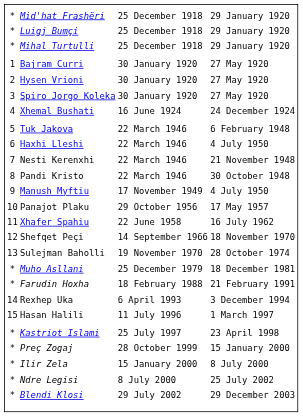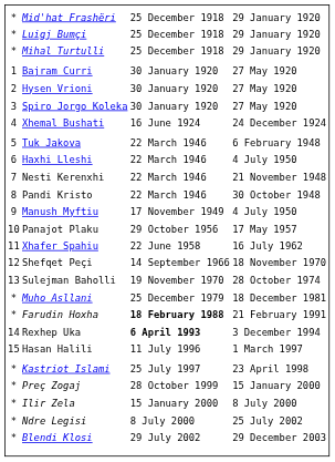 <table cellpadding="0" cellspacing="3" style="border:1px solid #000000; font-size:88%; line-height: 1.5em;">
 <tr>
 <td><strong></strong></td>
 <td><strong></strong></td>
 <td colspan="2"></td>
 </tr>
 <tr>
 <td align="center">*</td>
 <td><em><a href='#'>Mid'hat Frashëri</a></em></td>
 <td>25 December 1918</td>
 <td>29 January 1920</td>
 </tr>
 <tr>
 <td align="center">*</td>
 <td><em><a href='#'>Luigj Bumçi</a></em></td>
 <td>25 December 1918</td>
 <td>29 January 1920</td>
 </tr>
 <tr>
 <td align="center">*</td>
 <td><em><a href='#'>Mihal Turtulli</a></em></td>
 <td>25 December 1918</td>
 <td>29 January 1920</td>
 </tr>
 <tr>
 <td colspan="8" align=center></td>
 </tr>
 <tr>
 <td align="center">1</td>
 <td><a href='#'>Bajram Curri</a></td>
 <td>30 January 1920</td>
 <td>27 May 1920</td>
 </tr>
 <tr>
 <td align="center">2</td>
 <td><a href='#'>Hysen Vrioni</a></td>
 <td>30 January 1920</td>
 <td>27 May 1920</td>
 </tr>
 <tr>
 <td align="center">3</td>
 <td><a href='#'>Spiro Jorgo Koleka</a></td>
 <td>30 January 1920</td>
 <td>27 May 1920</td>
 </tr>
 <tr>
 <td align="center">4</td>
 <td><a href='#'>Xhemal Bushati</a></td>
 <td>16 June 1924</td>
 <td>24 December 1924</td>
 </tr>
 <tr>
 <td colspan="8" align=center></td>
 </tr>
 <tr>
 <td align="center">5</td>
 <td><a href='#'>Tuk Jakova</a></td>
 <td>22 March 1946</td>
 <td>6 February 1948</td>
 </tr>
 <tr>
 <td align="center">6</td>
 <td><a href='#'>Haxhi Lleshi</a></td>
 <td>22 March 1946</td>
 <td>4 July 1950</td>
 </tr>
 <tr>
 <td align="center">7</td>
 <td>Nesti Kerenxhi</td>
 <td>22 March 1946</td>
 <td>21 November 1948</td>
 </tr>
 <tr>
 <td align="center">8</td>
 <td>Pandi Kristo</td>
 <td>22 March 1946</td>
 <td>30 October 1948</td>
 </tr>
 <tr>
 <td align="center">9</td>
 <td><a href='#'>Manush Myftiu</a></td>
 <td>17 November 1949</td>
 <td>4 July 1950</td>
 </tr>
 <tr>
 <td align="center">10</td>
 <td>Panajot Plaku</td>
 <td>29 October 1956</td>
 <td>17 May 1957</td>
 </tr>
 <tr>
 <td align="center">11</td>
 <td><a href='#'>Xhafer Spahiu</a></td>
 <td>22 June 1958</td>
 <td>16 July 1962</td>
 </tr>
 <tr>
 <td align="center">12</td>
 <td>Shefqet Peçi</td>
 <td>14 September 1966</td>
 <td>18 November 1970</td>
 </tr>
 <tr>
 <td align="center">13</td>
 <td>Sulejman Baholli</td>
 <td>19 November 1970</td>
 <td>28 October 1974</td>
 </tr>
 <tr>
 <td align="center">*</td>
 <td><em><a href='#'>Muho Asllani</a></em></td>
 <td>25 December 1979</td>
 <td>18 December 1981</td>
 </tr>
 <tr>
 <td align="center">*</td>
 <td><em>Farudin Hoxha</em></td>
-<td>18 February 1988</td>
+<td><strong>18 February 1988</strong></td>
 <td>21 February 1991</td>
 </tr>
 <tr>
 <td align="center">14</td>
 <td>Rexhep Uka</td>
-<td>6 April 1993</td>
+<td><strong>6 April 1993</strong></td>
 <td>3 December 1994</td>
 </tr>
 <tr>
 <td align="center">15</td>
 <td>Hasan Halili</td>
 <td>11 July 1996</td>
 <td>1 March 1997</td>
 </tr>
 <tr>
 <td colspan="8" align=center></td>
 </tr>
 <tr>
 <td align="center">*</td>
 <td><em><a href='#'>Kastriot Islami</a></em></td>
 <td>25 July 1997</td>
 <td>23 April 1998</td>
 </tr>
 <tr>
 <td align="center">*</td>
 <td><em>Preç Zogaj</em></td>
 <td>28 October 1999</td>
 <td>15 January 2000</td>
 </tr>
 <tr>
 <td align="center">*</td>
 <td><em>Ilir Zela</em></td>
 <td>15 January 2000</td>
 <td>8 July 2000</td>
 </tr>
 <tr>
 <td align="center">*</td>
 <td><em>Ndre Legisi</em></td>
 <td>8 July 2000</td>
 <td>25 July 2002</td>
 </tr>
 <tr>
 <td align="center">*</td>
 <td><em><a href='#'>Blendi Klosi</a></em></td>
 <td>29 July 2002</td>
 <td>29 December 2003</td>
 </tr>
 <tr>
 <td align="center"></td>
 <td></td>
 <td></td>
 <td></td>
 </tr>
 <tr>
 <td align="center"></td>
 <td></td>
 <td></td>
 <td></td>
 </tr>
 <tr>
 </tr>
 </table>
